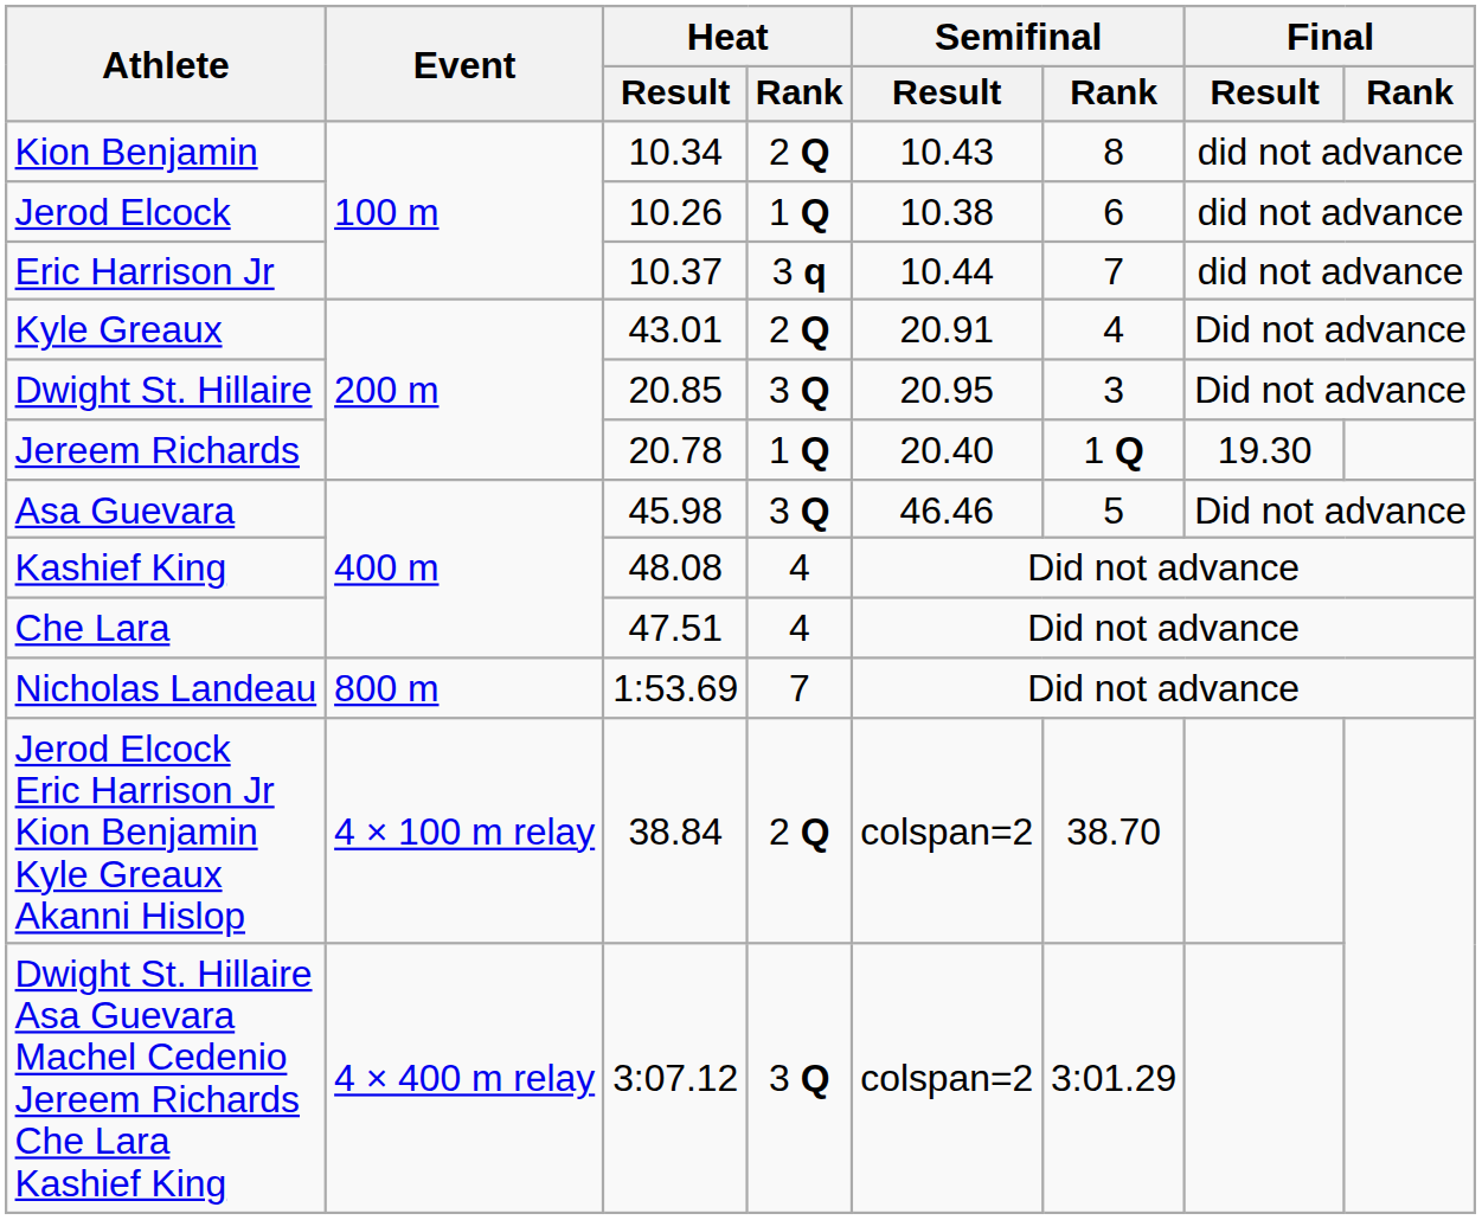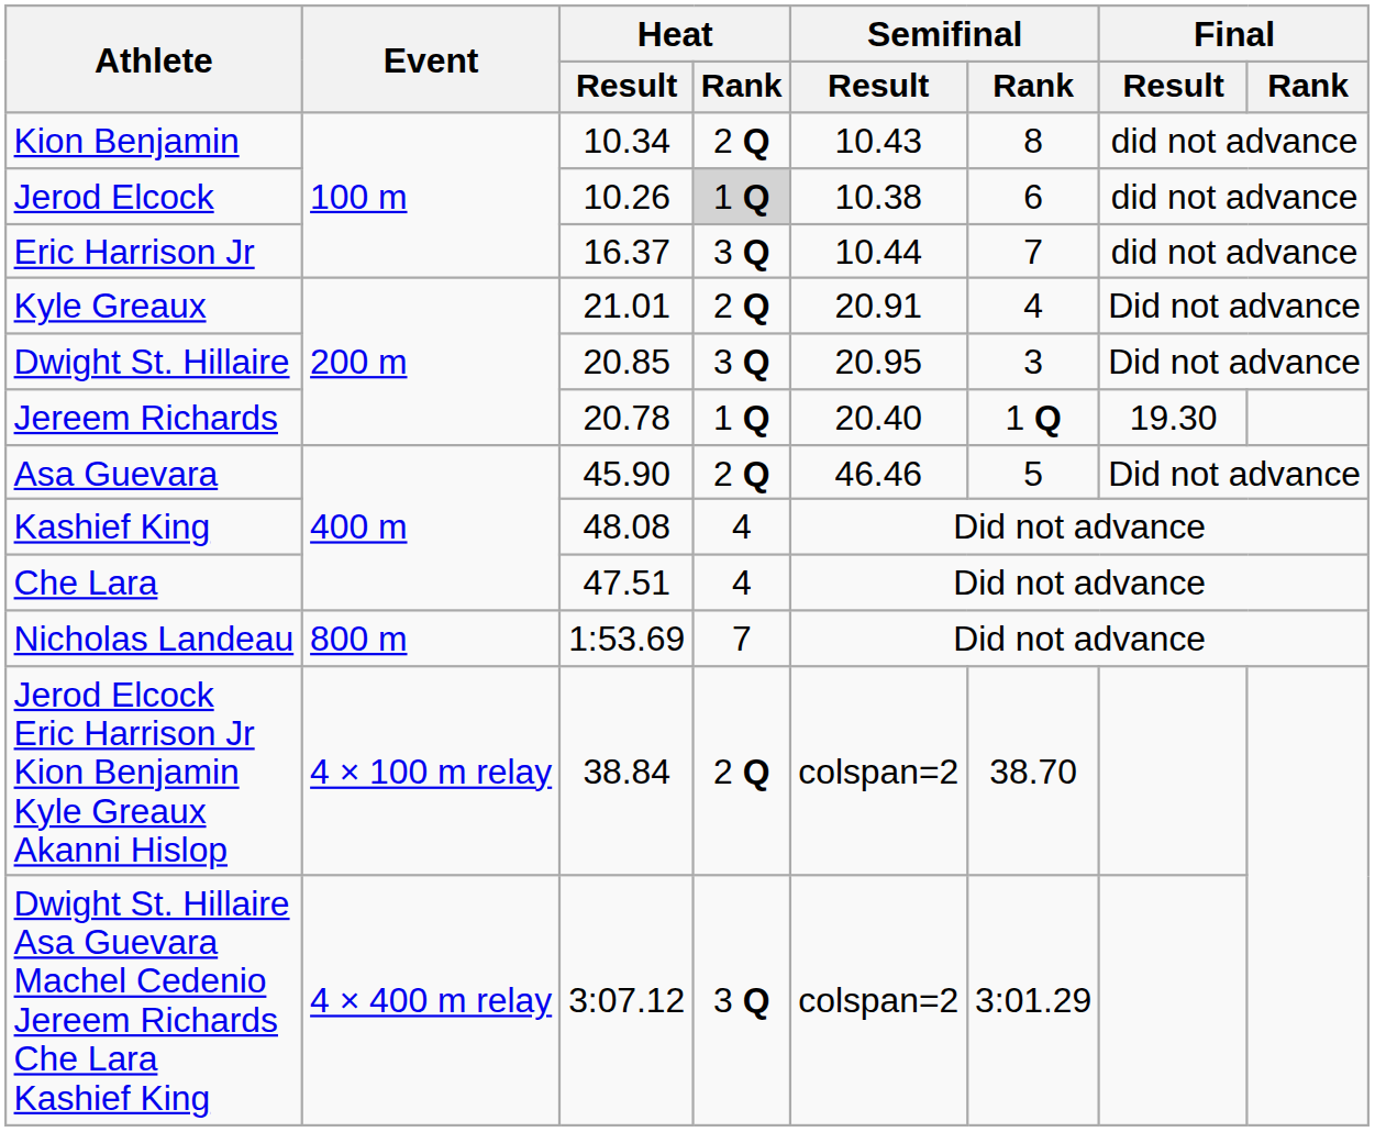 <table class="wikitable" style="font-size:90%; text-align:center">
 <tr>
 <th rowspan=2>Athlete</th>
 <th rowspan=2>Event</th>
 <th colspan=2>Heat</th>
 <th colspan=2>Semifinal</th>
 <th colspan=2>Final</th>
 </tr>
 <tr style="font-size:95%">
 <th>Result</th>
 <th>Rank</th>
 <th>Result</th>
 <th>Rank</th>
 <th>Result</th>
 <th>Rank</th>
 </tr>
 <tr>
 <td align=left><a href='#'>Kion Benjamin</a></td>
 <td align=left rowspan=3><a href='#'>100 m</a></td>
 <td>10.34</td>
 <td>2 <strong>Q</strong></td>
 <td>10.43</td>
 <td>8</td>
 <td colspan=2>did not advance</td>
 </tr>
 <tr>
 <td align=left><a href='#'>Jerod Elcock</a></td>
 <td>10.26</td>
-<td>1 <strong>Q</strong></td>
+<td style="background: lightgrey;">1 <strong>Q</strong></td>
 <td>10.38</td>
 <td>6</td>
 <td colspan=2>did not advance</td>
 </tr>
 <tr>
 <td align=left><a href='#'>Eric Harrison Jr</a></td>
-<td>10.37</td>
-<td>3 <strong>q</strong></td>
+<td>16.37</td>
+<td>3 <strong>Q</strong></td>
 <td>10.44</td>
 <td>7</td>
 <td colspan=2>did not advance</td>
 </tr>
 <tr>
 <td align=left><a href='#'>Kyle Greaux</a></td>
 <td align=left rowspan=3><a href='#'>200 m</a></td>
-<td>43.01</td>
+<td>21.01</td>
 <td>2 <strong>Q</strong></td>
 <td>20.91</td>
 <td>4</td>
 <td colspan="2">Did not advance</td>
 </tr>
 <tr>
 <td align=left><a href='#'>Dwight St. Hillaire</a></td>
 <td>20.85</td>
 <td>3 <strong>Q</strong></td>
 <td>20.95</td>
 <td>3</td>
 <td colspan="2">Did not advance</td>
 </tr>
 <tr>
 <td align=left><a href='#'>Jereem Richards</a></td>
 <td>20.78</td>
 <td>1 <strong>Q</strong></td>
 <td>20.40</td>
 <td>1 <strong>Q</strong></td>
 <td>19.30</td>
 <td></td>
 </tr>
 <tr>
 <td align=left><a href='#'>Asa Guevara</a></td>
 <td align=left rowspan=3><a href='#'>400 m</a></td>
-<td>45.98</td>
-<td>3 <strong>Q</strong></td>
+<td>45.90</td>
+<td>2 <strong>Q</strong></td>
 <td>46.46</td>
 <td>5</td>
 <td colspan="2">Did not advance</td>
 </tr>
 <tr>
 <td align=left><a href='#'>Kashief King</a></td>
 <td>48.08</td>
 <td>4</td>
 <td colspan="4">Did not advance</td>
 </tr>
 <tr>
 <td align=left><a href='#'>Che Lara</a></td>
 <td>47.51</td>
 <td>4</td>
 <td colspan="4">Did not advance</td>
 </tr>
 <tr>
 <td align=left><a href='#'>Nicholas Landeau</a></td>
 <td align=left rowspan=1><a href='#'>800 m</a></td>
 <td>1:53.69</td>
 <td>7</td>
 <td colspan="4">Did not advance</td>
 </tr>
 <tr>
 <td align="left"><a href='#'>Jerod Elcock</a><br><a href='#'>Eric Harrison Jr</a><br><a href='#'>Kion Benjamin</a><br><a href='#'>Kyle Greaux</a><br><a href='#'>Akanni Hislop</a></td>
 <td align="left"><a href='#'>4 × 100 m relay</a></td>
 <td>38.84</td>
 <td>2 <strong>Q</strong></td>
 <td>colspan=2 </td>
 <td>38.70</td>
 <td></td>
 </tr>
 <tr>
 <td align="left"><a href='#'>Dwight St. Hillaire</a><br><a href='#'>Asa Guevara</a><br><a href='#'>Machel Cedenio</a><br><a href='#'>Jereem Richards</a><br><a href='#'>Che Lara</a><br><a href='#'>Kashief King</a></td>
 <td align="left"><a href='#'>4 × 400 m relay</a></td>
 <td>3:07.12</td>
 <td>3 <strong>Q</strong></td>
 <td>colspan=2 </td>
 <td>3:01.29</td>
 <td></td>
 </tr>
 </table>
